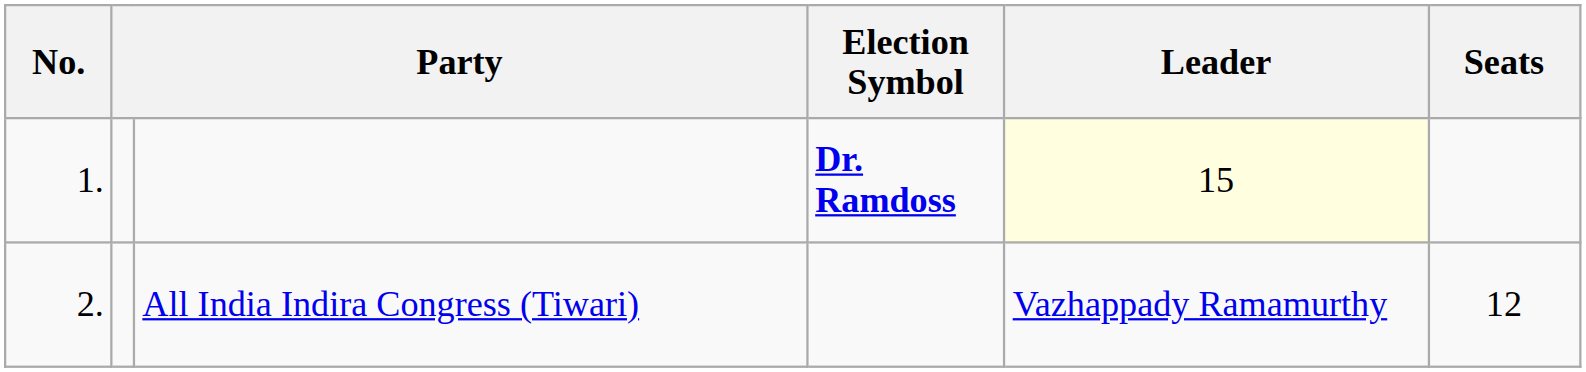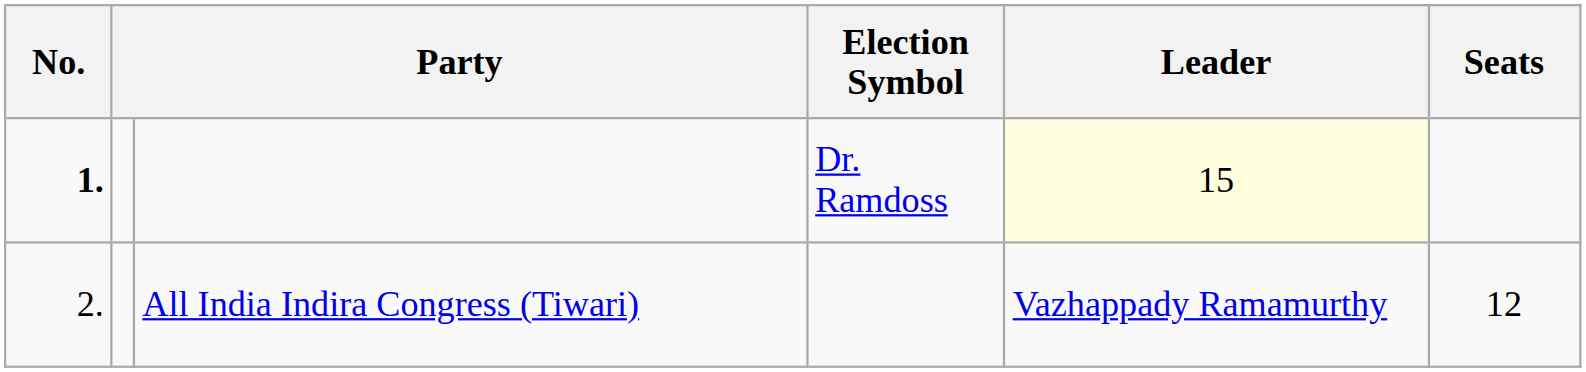 <table class="wikitable">
 <tr style="height: 50px;">
 <th scope="col" style="width:40px;">No.<br></th>
 <th scope="col" style="width:300px;"colspan="2">Party</th>
 <th scope="col" style="width:80px;">Election Symbol</th>
 <th scope="col" style="width:180px;">Leader</th>
 <th scope="col" style="width:60px;">Seats</th>
 </tr>
 <tr style="height: 55px;">
-<td style="text-align:right;">1.</td>
+<td style="text-align:right;"><strong>1.</strong></td>
 <td></td>
 <td style="text-align:center;"></td>
-<td><strong><a href='#'>Dr. Ramdoss</a></strong></td>
+<td><a href='#'>Dr. Ramdoss</a></td>
 <td style="background: lightyellow; text-align:center;">15</td>
 </tr>
 <tr style="height: 55px;">
 <td style="text-align:right;">2.</td>
 <td></td>
 <td><a href='#'>All India Indira Congress (Tiwari)</a></td>
 <td style="text-align:center;"></td>
 <td><a href='#'>Vazhappady Ramamurthy</a></td>
 <td style="text-align:center;">12</td>
 </tr>
 </table>
